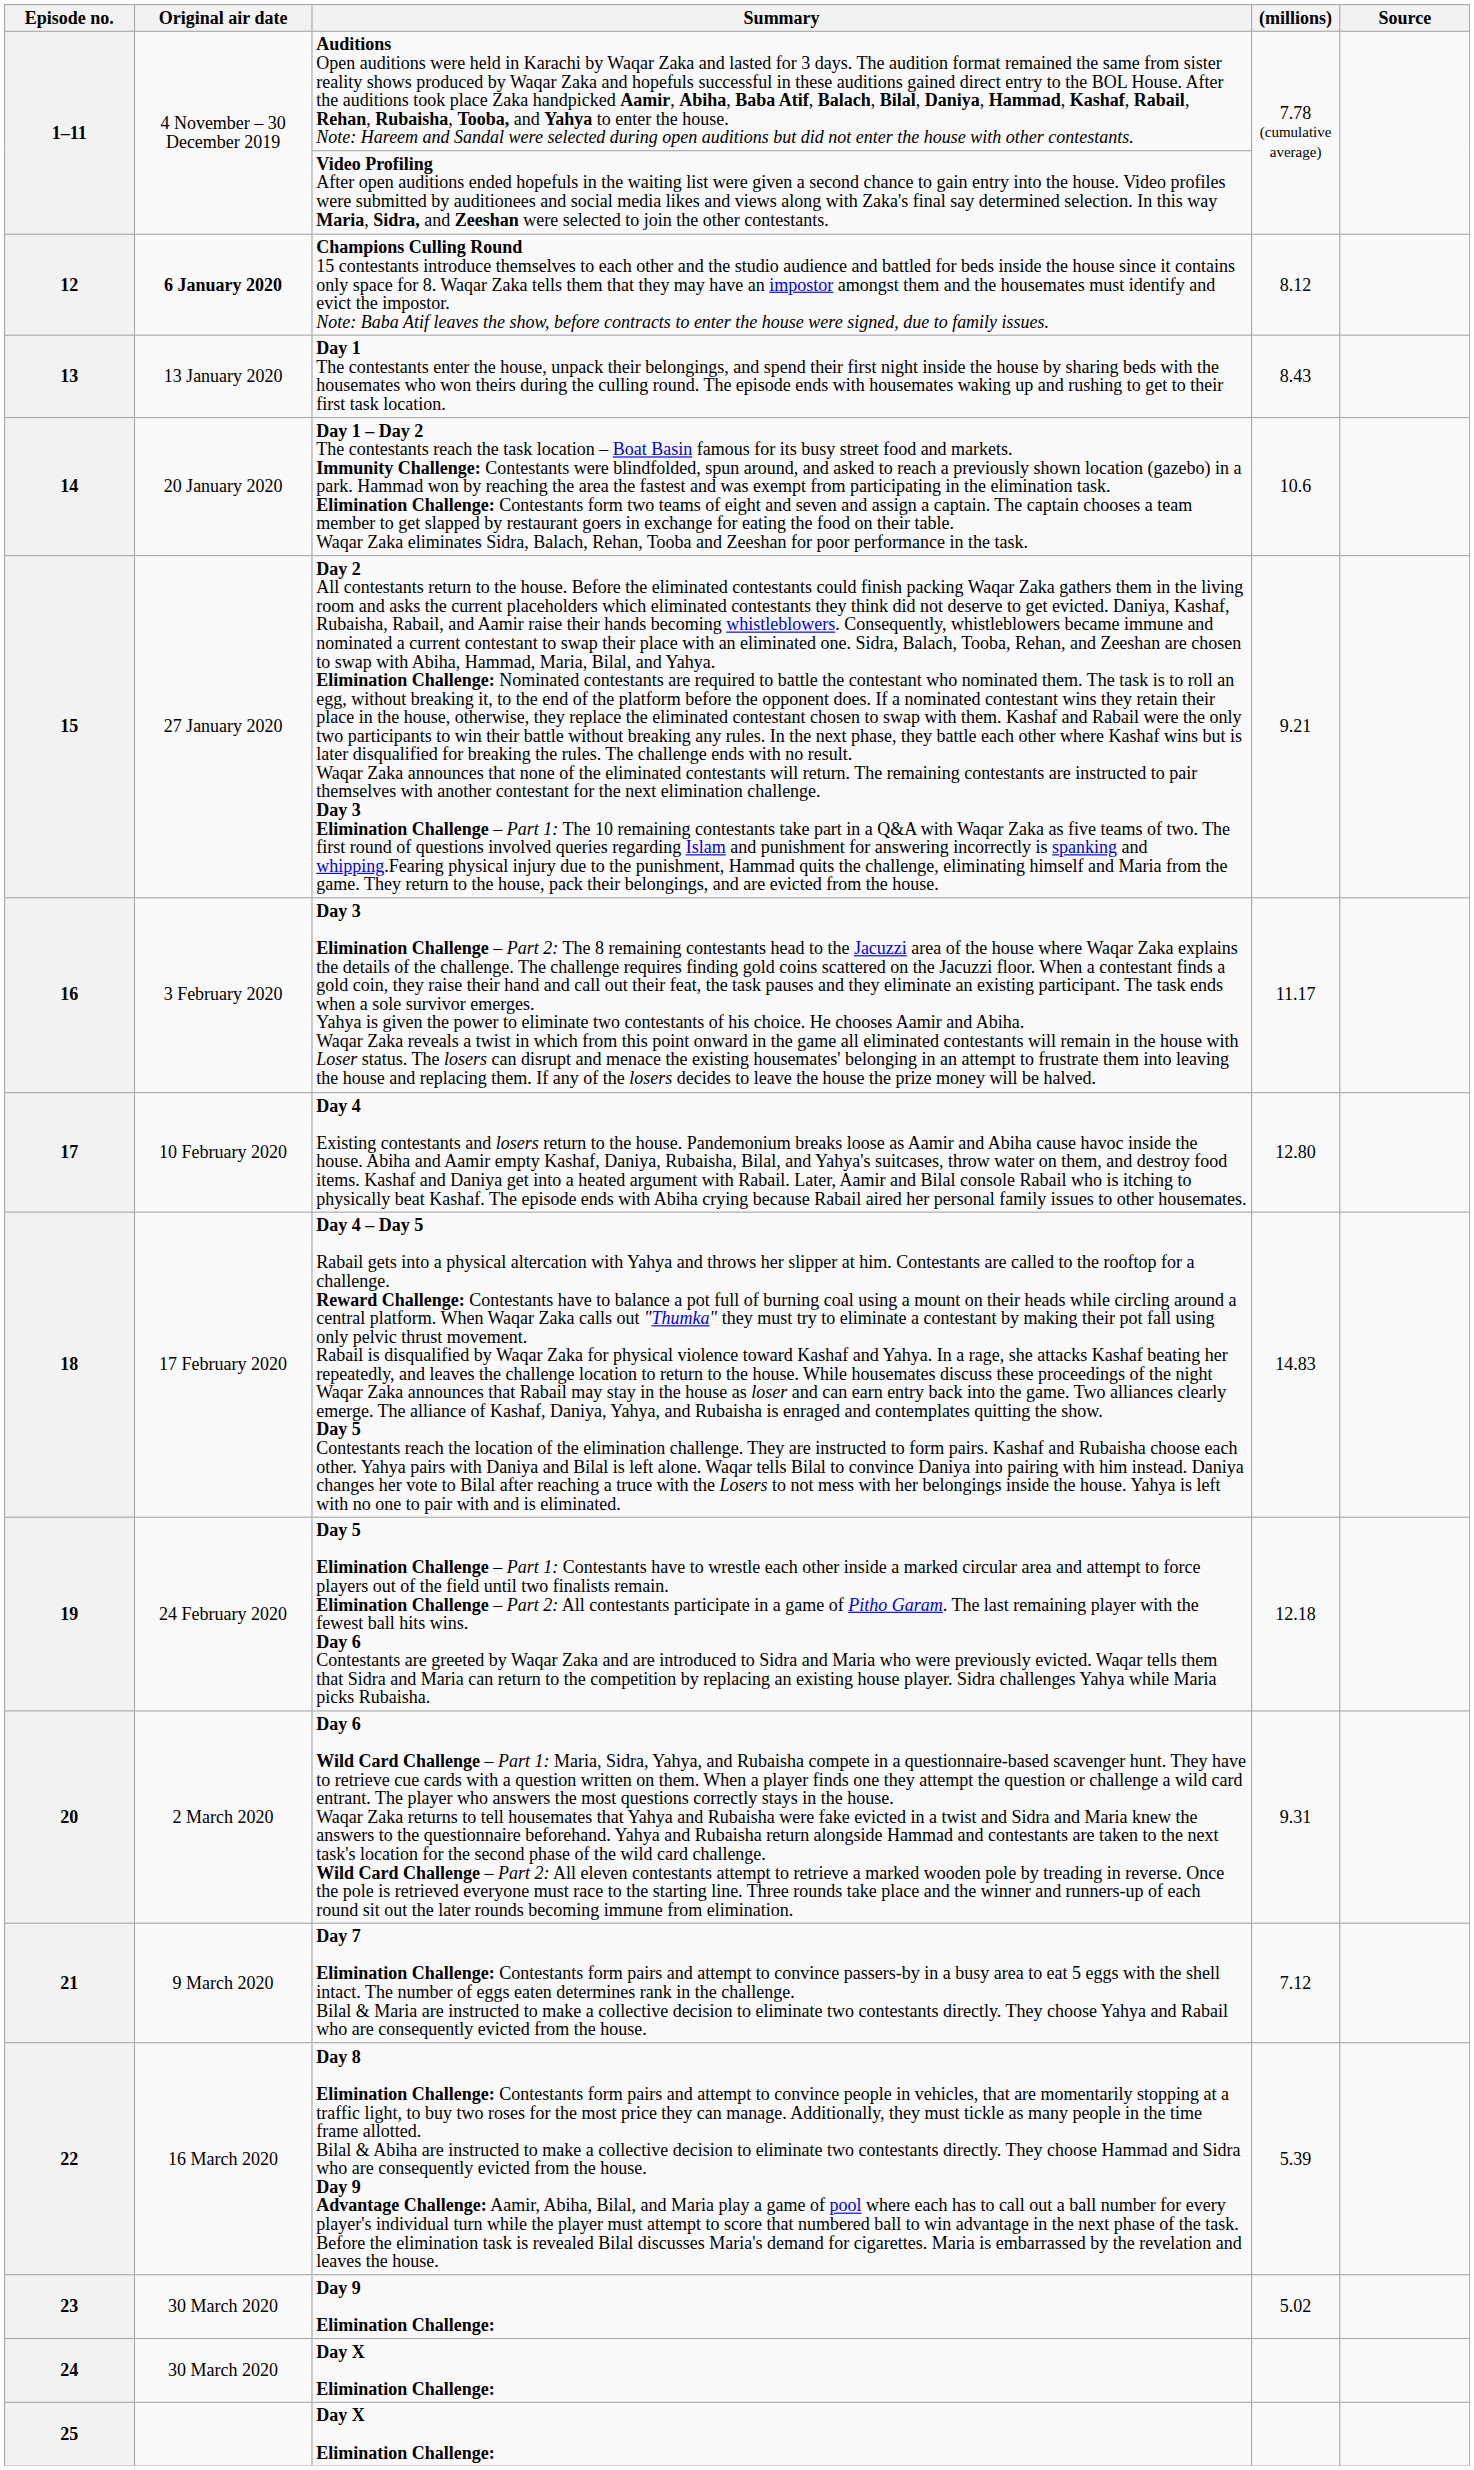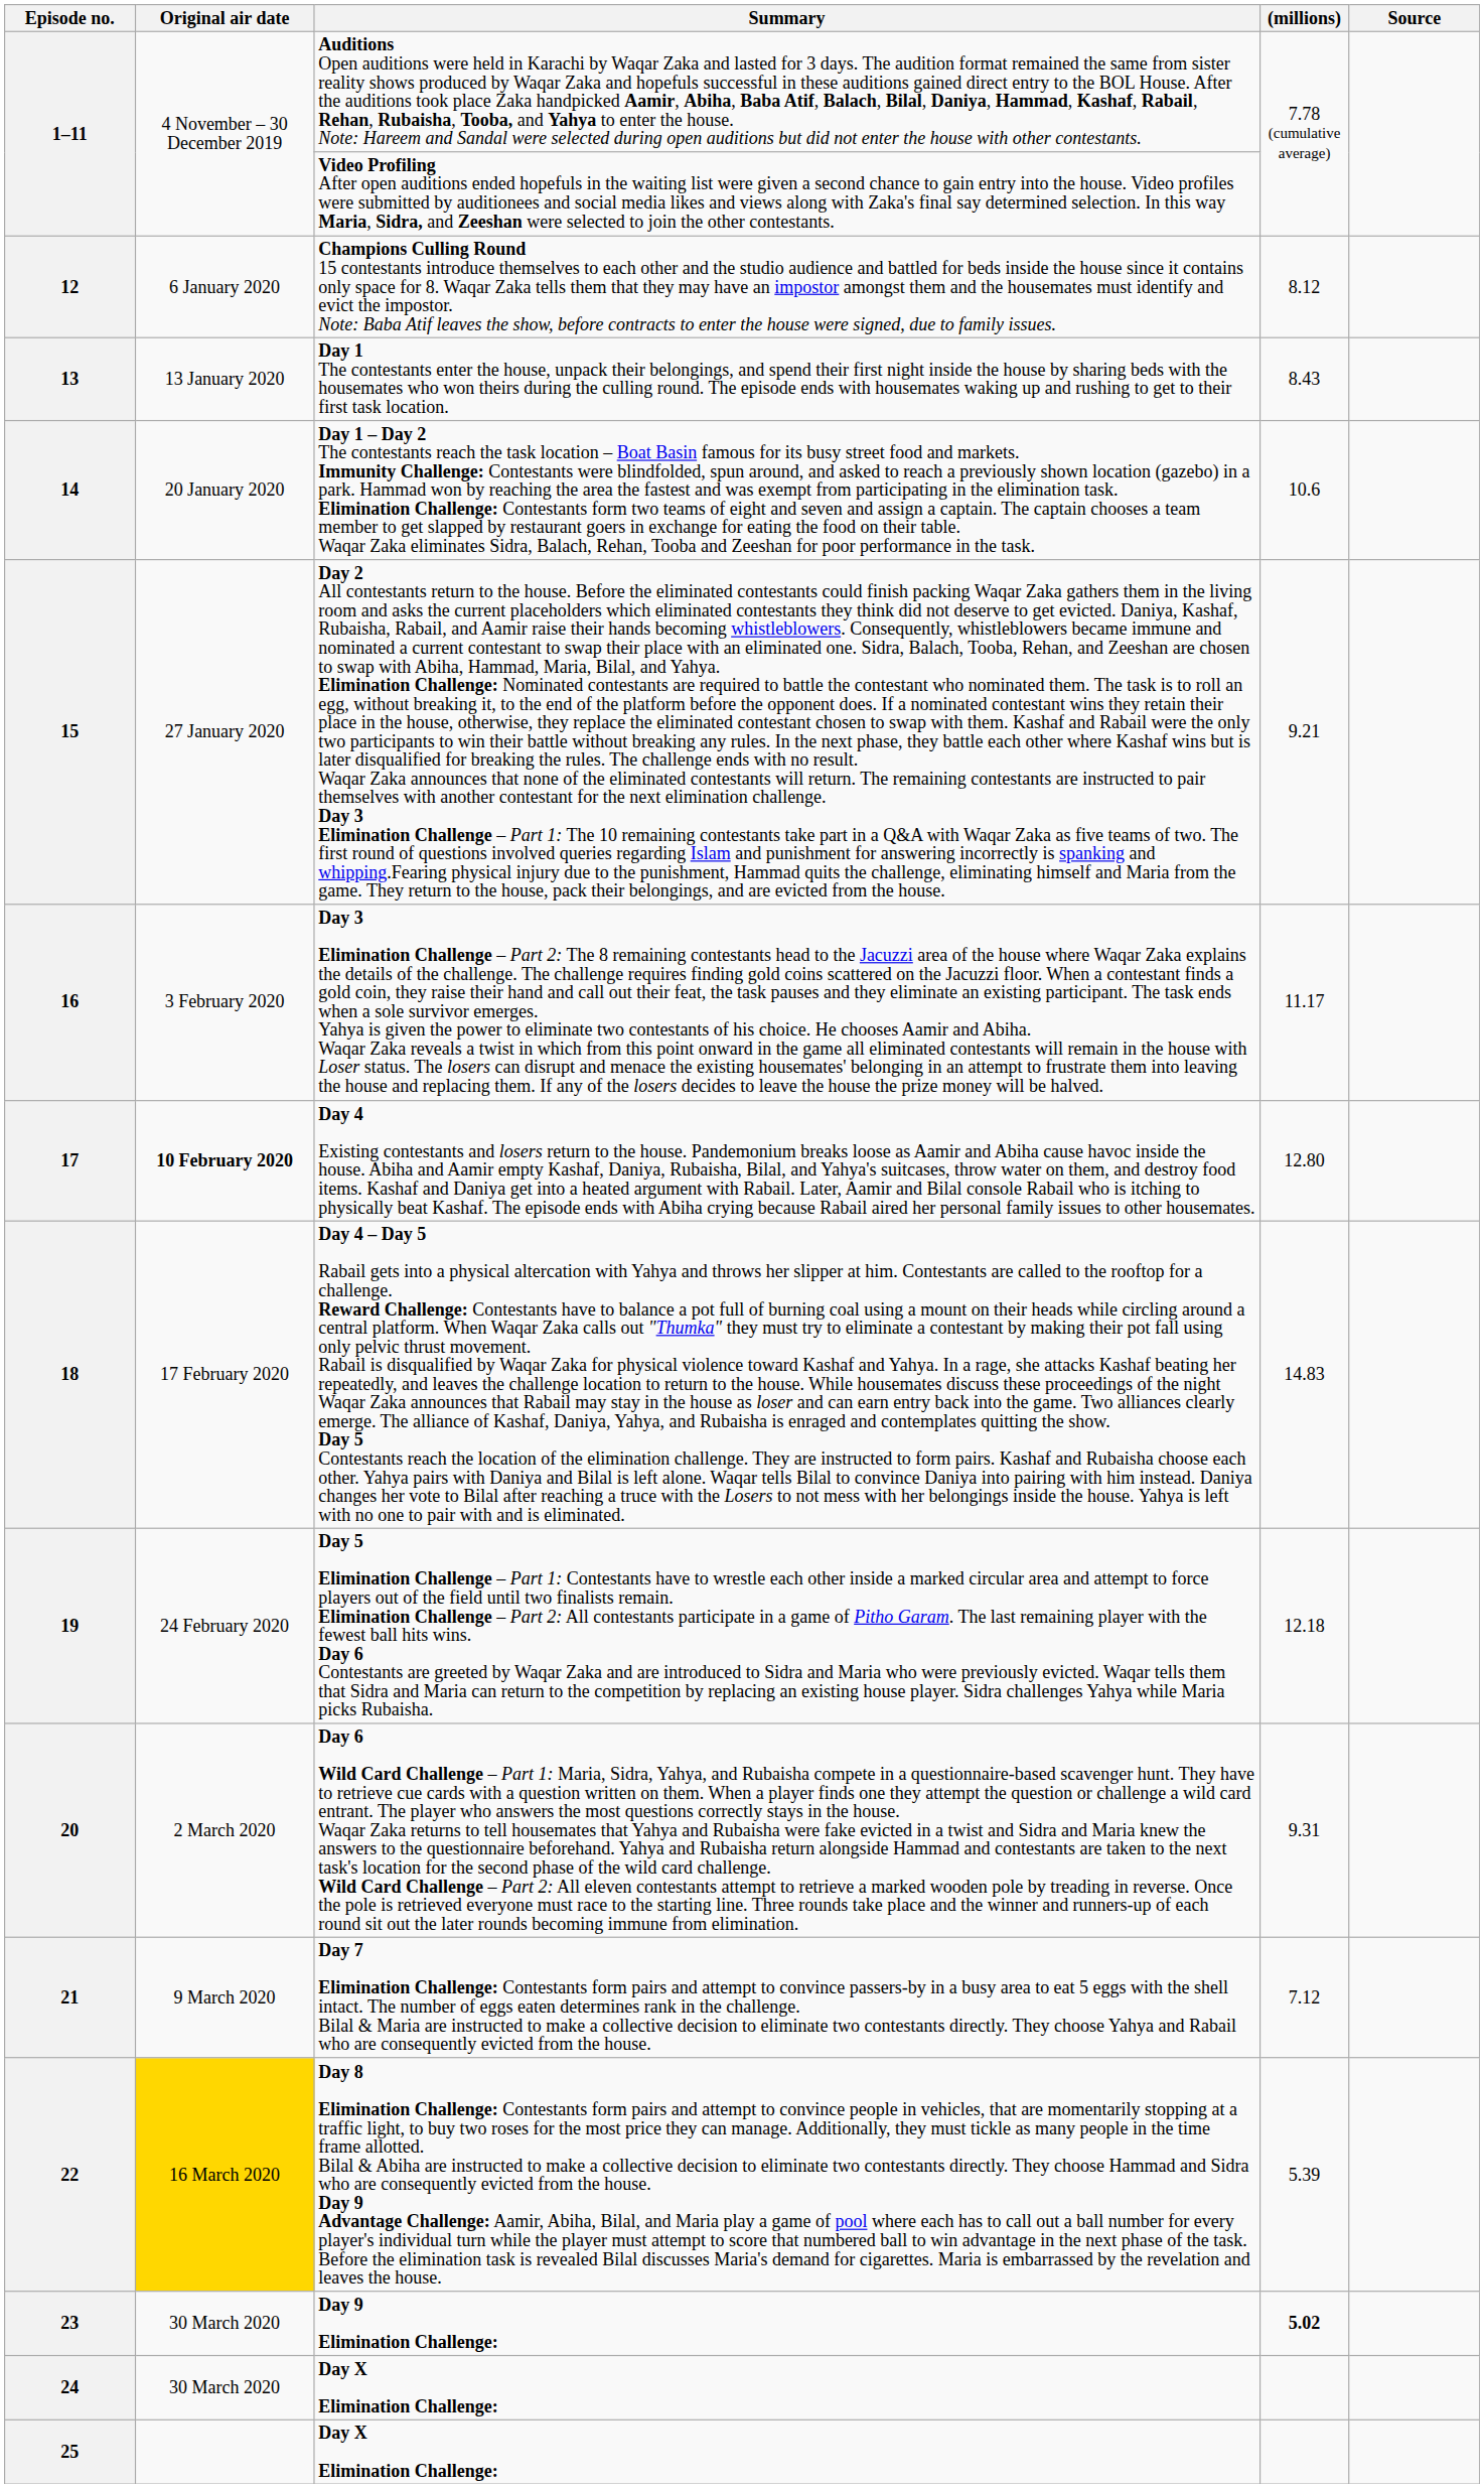 <table class="wikitable" style="text-align:center; font-size:97%; line-height:16px;" width="100%">
 <tr>
 <th style="width: 8%;">Episode no.</th>
 <th style="width: 11%;">Original air date</th>
 <th style="width: 58%;">Summary</th>
 <th style="width: 5%;"> (millions)</th>
 <th style="width: 8%;">Source</th>
 </tr>
 <tr>
 <th rowspan="2">1–11</th>
 <td rowspan="2">4 November – 30 December 2019</td>
 <td align="left"><strong>Auditions</strong><br>Open auditions were held in Karachi by Waqar Zaka and lasted for 3 days. The audition format remained the same from sister reality shows produced by Waqar Zaka and hopefuls successful in these auditions gained direct entry to the BOL House. After the auditions took place Zaka handpicked <strong>Aamir</strong>, <strong>Abiha</strong>, <strong>Baba Atif</strong>, <strong>Balach</strong>, <strong>Bilal</strong>, <strong>Daniya</strong>, <strong>Hammad</strong>, <strong>Kashaf</strong>, <strong>Rabail</strong>, <strong>Rehan</strong>, <strong>Rubaisha</strong>, <strong>Tooba,</strong> and <strong>Yahya</strong> to enter the house.<br> <em>Note: Hareem and Sandal were selected during open auditions but did not enter the house with other contestants.</em></td>
 <td rowspan="2">7.78 <br><small>(cumulative average)</small></td>
 <td rowspan="2"><br><br><br><br><br></td>
 </tr>
 <tr>
 <td align="left"><strong>Video Profiling</strong><br>After open auditions ended hopefuls in the waiting list were given a second chance to gain entry into the house. Video profiles were submitted by auditionees and social media likes and views along with Zaka's final say determined selection. In this way <strong>Maria</strong>, <strong>Sidra,</strong> and <strong>Zeeshan</strong> were selected to join the other contestants.</td>
 </tr>
 <tr>
 <th>12</th>
-<td><strong>6 January 2020</strong></td>
+<td>6 January 2020</td>
 <td align="left"><strong>Champions Culling Round</strong><br>15 contestants introduce themselves to each other and the studio audience and battled for beds inside the house since it contains only space for 8. Waqar Zaka tells them that they may have an <a href='#'>impostor</a> amongst them and the housemates must identify and evict the impostor. <br> <em>Note: Baba Atif leaves the show, before contracts to enter the house were signed, due to family issues.</em></td>
 <td>8.12</td>
 <td></td>
 </tr>
 <tr>
 <th>13</th>
 <td>13 January 2020</td>
 <td align="left"><strong>Day 1</strong><br>The contestants enter the house, unpack their belongings, and spend their first night inside the house by sharing beds with the housemates who won theirs during the culling round. The episode ends with housemates waking up and rushing to get to their first task location.</td>
 <td>8.43</td>
 <td></td>
 </tr>
 <tr>
 <th>14</th>
 <td>20 January 2020</td>
 <td align="left"><strong>Day 1 – Day 2</strong><br>The contestants reach the task location – <a href='#'>Boat Basin</a> famous for its busy street food and markets.<br><strong>Immunity Challenge:</strong> Contestants were blindfolded, spun around, and asked to reach a previously shown location (gazebo) in a park. Hammad won by reaching the area the fastest and was exempt from participating in the elimination task.<br><strong>Elimination Challenge:</strong> Contestants form two teams of eight and seven and assign a captain. The captain chooses a team member to get slapped by restaurant goers in exchange for eating the food on their table.<br>Waqar Zaka eliminates Sidra, Balach, Rehan, Tooba and Zeeshan for poor performance in the task.</td>
 <td>10.6</td>
 <td></td>
 </tr>
 <tr>
 <th>15</th>
 <td>27 January 2020</td>
 <td align="left"><strong>Day 2</strong><br>All contestants return to the house. Before the eliminated contestants could finish packing Waqar Zaka gathers them in the living room and asks the current placeholders which eliminated contestants they think did not deserve to get evicted. Daniya, Kashaf, Rubaisha, Rabail, and Aamir raise their hands becoming <a href='#'>whistleblowers</a>. Consequently, whistleblowers became immune and nominated a current contestant to swap their place with an eliminated one. Sidra, Balach, Tooba, Rehan, and Zeeshan are chosen to swap with Abiha, Hammad, Maria, Bilal, and Yahya.<br><strong>Elimination Challenge:</strong> Nominated contestants are required to battle the contestant who nominated them. The task is to roll an egg, without breaking it, to the end of the platform before the opponent does. If a nominated contestant wins they retain their place in the house, otherwise, they replace the eliminated contestant chosen to swap with them. Kashaf and Rabail were the only two participants to win their battle without breaking any rules. In the next phase, they battle each other where Kashaf wins but is later disqualified for breaking the rules. The challenge ends with no result.<br>Waqar Zaka announces that none of the eliminated contestants will return. The remaining contestants are instructed to pair themselves with another contestant for the next elimination challenge.<br><strong>Day 3</strong><br><strong>Elimination Challenge</strong> – <em>Part 1:</em> The 10 remaining contestants take part in a Q&A with Waqar Zaka as five teams of two. The first round of questions involved queries regarding <a href='#'>Islam</a> and punishment for answering incorrectly is <a href='#'>spanking</a> and <a href='#'>whipping</a>.Fearing physical injury due to the punishment, Hammad quits the challenge, eliminating himself and Maria from the game. They return to the house, pack their belongings, and are evicted from the house.</td>
 <td>9.21</td>
 <td></td>
 </tr>
 <tr>
 <th>16</th>
 <td>3 February 2020</td>
 <td align="left"><strong>Day 3</strong><br><br><strong>Elimination Challenge</strong> – <em>Part 2:</em> The 8 remaining contestants head to the <a href='#'>Jacuzzi</a> area of the house where Waqar Zaka explains the details of the challenge. The challenge requires finding gold coins scattered on the Jacuzzi floor. When a contestant finds a gold coin, they raise their hand and call out their feat, the task pauses and they eliminate an existing participant. The task ends when a sole survivor emerges.<br>Yahya is given the power to eliminate two contestants of his choice. He chooses Aamir and Abiha.<br>Waqar Zaka reveals a twist in which from this point onward in the game all eliminated contestants will remain in the house with <em>Loser</em> status. The <em>losers</em> can disrupt and menace the existing housemates' belonging in an attempt to frustrate them into leaving the house and replacing them. If any of the <em>losers</em> decides to leave the house the prize money will be halved.</td>
 <td>11.17</td>
 <td></td>
 </tr>
 <tr>
 <th>17</th>
-<td>10 February 2020</td>
+<td><strong>10 February 2020</strong></td>
 <td align="left"><strong>Day 4</strong><br><br>Existing contestants and <em>losers</em> return to the house. Pandemonium breaks loose as Aamir and Abiha cause havoc inside the house. Abiha and Aamir empty Kashaf, Daniya, Rubaisha, Bilal, and Yahya's suitcases, throw water on them, and destroy food items. Kashaf and Daniya get into a heated argument with Rabail. Later, Aamir and Bilal console Rabail who is itching to physically beat Kashaf. The episode ends with Abiha crying because Rabail aired her personal family issues to other housemates.</td>
 <td>12.80</td>
 <td></td>
 </tr>
 <tr>
 <th>18</th>
 <td>17 February 2020</td>
 <td align="left"><strong>Day 4 – Day 5</strong><br><br>Rabail gets into a physical altercation with Yahya and throws her slipper at him. Contestants are called to the rooftop for a challenge.<br><strong>Reward Challenge:</strong> Contestants have to balance a pot full of burning coal using a mount on their heads while circling around a central platform. When Waqar Zaka calls out <em>"<a href='#'>Thumka</a>"</em> they must try to eliminate a contestant by making their pot fall using only pelvic thrust movement.<br>Rabail is disqualified by Waqar Zaka for physical violence toward Kashaf and Yahya. In a rage, she attacks Kashaf beating her repeatedly, and leaves the challenge location to return to the house. While housemates discuss these proceedings of the night Waqar Zaka announces that Rabail may stay in the house as <em>loser</em> and can earn entry back into the game. Two alliances clearly emerge. The alliance of Kashaf, Daniya, Yahya, and Rubaisha is enraged and contemplates quitting the show.<br><strong>Day 5</strong><br>Contestants reach the location of the elimination challenge. They are instructed to form pairs. Kashaf and Rubaisha choose each other. Yahya pairs with Daniya and Bilal is left alone. Waqar tells Bilal to convince Daniya into pairing with him instead. Daniya changes her vote to Bilal after reaching a truce with the <em>Losers</em> to not mess with her belongings inside the house. Yahya is left with no one to pair with and is eliminated.</td>
 <td>14.83</td>
 <td></td>
 </tr>
 <tr>
 <th>19</th>
 <td>24 February 2020</td>
 <td align="left"><strong>Day 5</strong><br><br><strong>Elimination Challenge</strong> – <em>Part 1:</em>  Contestants have to wrestle each other inside a marked circular area and attempt to force players out of the field until two finalists remain. <br><strong>Elimination Challenge</strong> – <em>Part 2:</em> All contestants participate in a game of <em><a href='#'>Pitho Garam</a></em>. The last remaining player with the fewest ball hits wins.<br><strong>Day 6</strong><br> Contestants are greeted by Waqar Zaka and are introduced to Sidra and Maria who were previously evicted. Waqar tells them that Sidra and Maria can return to the competition by replacing an existing house player. Sidra challenges Yahya while Maria picks Rubaisha.</td>
 <td>12.18</td>
 <td></td>
 </tr>
 <tr>
 <th>20</th>
 <td>2 March 2020</td>
 <td align="left"><strong>Day 6</strong><br><br><strong>Wild Card Challenge</strong> – <em>Part 1:</em> Maria, Sidra, Yahya, and Rubaisha compete in a questionnaire-based scavenger hunt. They have to retrieve cue cards with a question written on them. When a player finds one they attempt the question or challenge a wild card entrant. The player who answers the most questions correctly stays in the house.<br>Waqar Zaka returns to tell housemates that Yahya and Rubaisha were fake evicted in a twist and Sidra and Maria knew the answers to the questionnaire beforehand. Yahya and Rubaisha return alongside Hammad and contestants are taken to the next task's location for the second phase of the wild card challenge.<br><strong>Wild Card Challenge</strong> – <em>Part 2:</em> All eleven contestants attempt to retrieve a marked wooden pole by treading in reverse. Once the pole is retrieved everyone must race to the starting line. Three rounds take place and the winner and runners-up of each round sit out the later rounds becoming immune from elimination.<br></td>
 <td>9.31</td>
 <td></td>
 </tr>
 <tr>
 <th>21</th>
 <td>9 March 2020</td>
 <td align="left"><strong>Day 7</strong><br><br><strong>Elimination Challenge:</strong> Contestants form pairs and attempt to convince passers-by in a busy area to eat 5 eggs with the shell intact. The number of eggs eaten determines rank in the challenge. <br>Bilal & Maria are instructed to make a collective decision to eliminate two contestants directly. They choose Yahya and Rabail who are consequently evicted from the house.</td>
 <td>7.12</td>
 <td></td>
 </tr>
 <tr>
 <th>22</th>
-<td>16 March 2020</td>
+<td style="background: gold;">16 March 2020</td>
 <td align="left"><strong>Day 8</strong><br><br><strong>Elimination Challenge:</strong> Contestants form pairs and attempt to convince people in vehicles, that are momentarily stopping at a traffic light, to buy two roses for the most price they can manage. Additionally, they must tickle as many people in the time frame allotted.<br>Bilal & Abiha are instructed to make a collective decision to eliminate two contestants directly. They choose Hammad and Sidra who are consequently evicted from the house.<br><strong>Day 9</strong><br><strong>Advantage Challenge:</strong> Aamir, Abiha, Bilal, and Maria play a game of <a href='#'>pool</a> where each has to call out a ball number for every player's individual turn while the player must attempt to score that numbered ball to win advantage in the next phase of the task.<br>Before the elimination task is revealed Bilal discusses Maria's demand for cigarettes. Maria is embarrassed by the revelation and leaves the house.</td>
 <td>5.39</td>
 <td></td>
 </tr>
 <tr>
 <th>23</th>
 <td>30 March 2020</td>
 <td align="left"><strong>Day 9</strong><br><br><strong>Elimination Challenge:</strong></td>
-<td>5.02</td>
+<td><strong>5.02</strong></td>
 <td></td>
 </tr>
 <tr>
 <th>24</th>
 <td>30 March 2020</td>
 <td align="left"><strong>Day X</strong><br><br><strong>Elimination Challenge:</strong></td>
 <td></td>
 <td></td>
 </tr>
 <tr>
 <th>25</th>
 <td></td>
 <td align="left"><strong>Day X</strong><br><br><strong>Elimination Challenge:</strong></td>
 <td></td>
 <td></td>
 </tr>
 </table>
